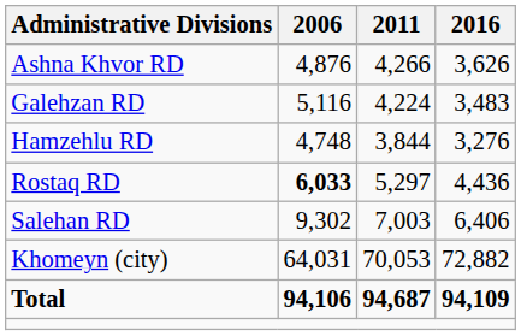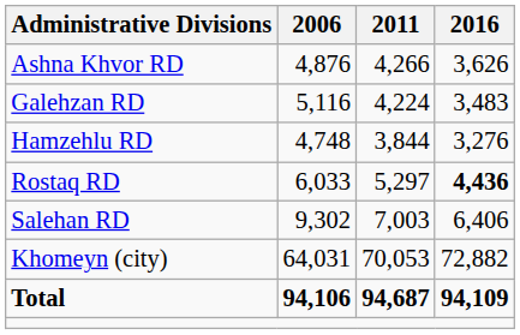 <table class="wikitable">
 <tr>
 <th>Administrative Divisions</th>
 <th>2006</th>
 <th>2011</th>
 <th>2016</th>
 </tr>
 <tr>
 <td><a href='#'>Ashna Khvor RD</a></td>
 <td style="text-align: right;">4,876</td>
 <td style="text-align: right;">4,266</td>
 <td style="text-align: right;">3,626</td>
 </tr>
 <tr>
 <td><a href='#'>Galehzan RD</a></td>
 <td style="text-align: right;">5,116</td>
 <td style="text-align: right;">4,224</td>
 <td style="text-align: right;">3,483</td>
 </tr>
 <tr>
 <td><a href='#'>Hamzehlu RD</a></td>
 <td style="text-align: right;">4,748</td>
 <td style="text-align: right;">3,844</td>
 <td style="text-align: right;">3,276</td>
 </tr>
 <tr>
 <td><a href='#'>Rostaq RD</a></td>
-<td style="text-align: right;"><strong>6,033</strong></td>
+<td style="text-align: right;">6,033</td>
 <td style="text-align: right;">5,297</td>
-<td style="text-align: right;">4,436</td>
+<td style="text-align: right;"><strong>4,436</strong></td>
 </tr>
 <tr>
 <td><a href='#'>Salehan RD</a></td>
 <td style="text-align: right;">9,302</td>
 <td style="text-align: right;">7,003</td>
 <td style="text-align: right;">6,406</td>
 </tr>
 <tr>
 <td><a href='#'>Khomeyn</a> (city)</td>
 <td style="text-align: right;">64,031</td>
 <td style="text-align: right;">70,053</td>
 <td style="text-align: right;">72,882</td>
 </tr>
 <tr>
 <td><strong>Total</strong></td>
 <td style="text-align: right;"><strong>94,106</strong></td>
 <td style="text-align: right;"><strong>94,687</strong></td>
 <td style="text-align: right;"><strong>94,109</strong></td>
 </tr>
 <tr>
 <td colspan=4></td>
 </tr>
 </table>
